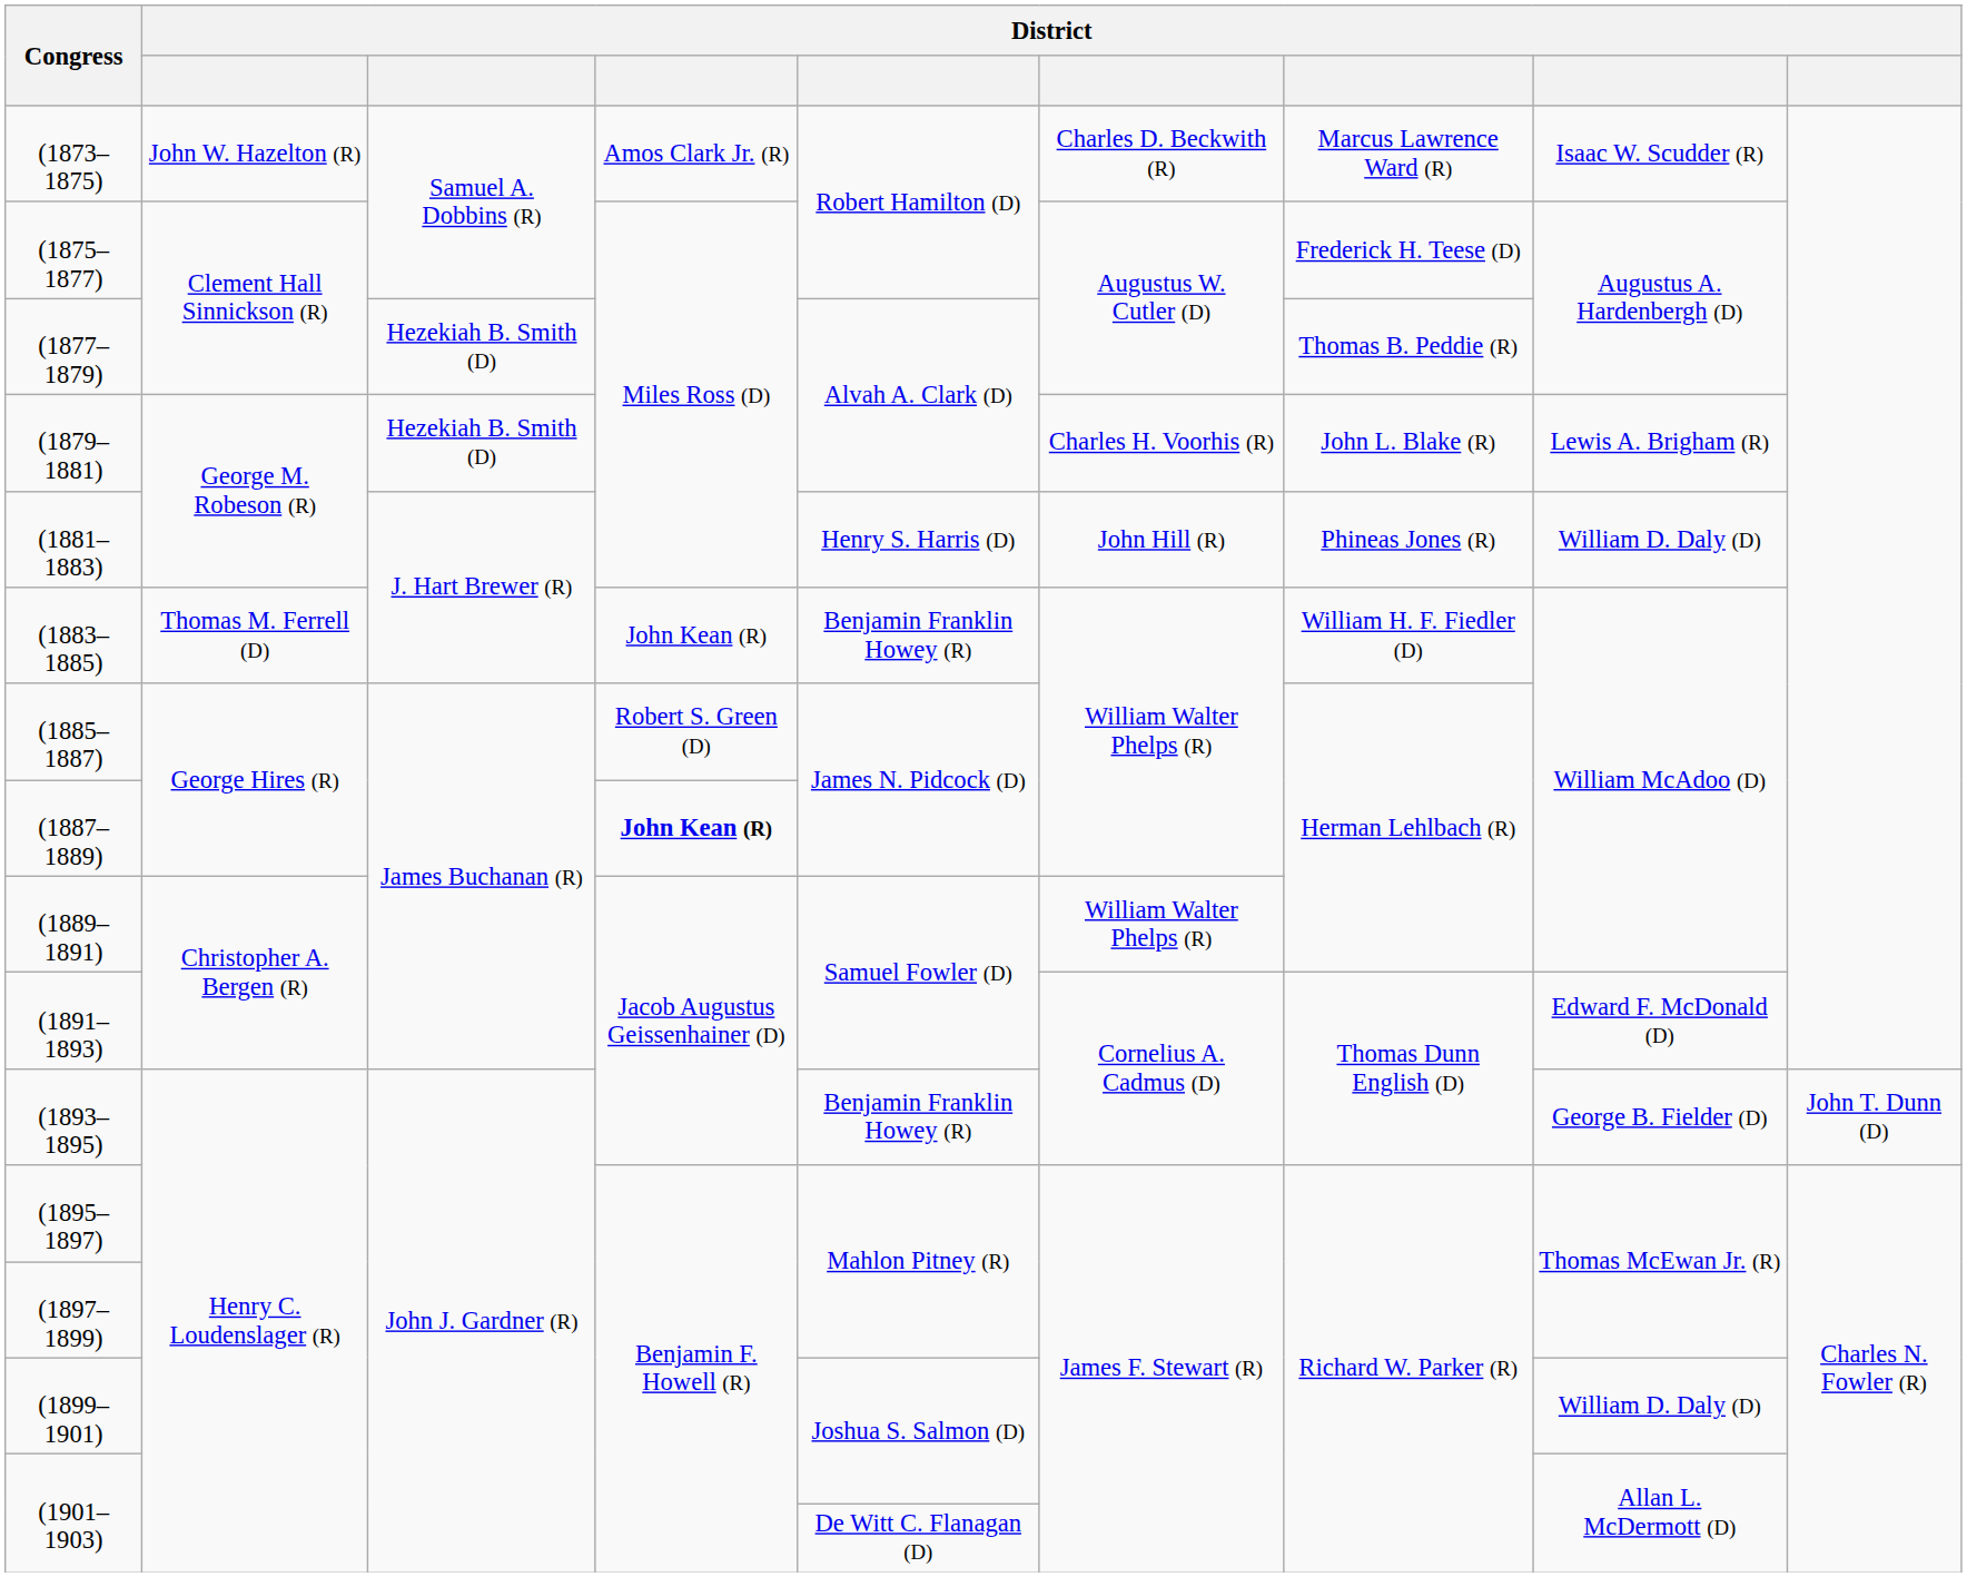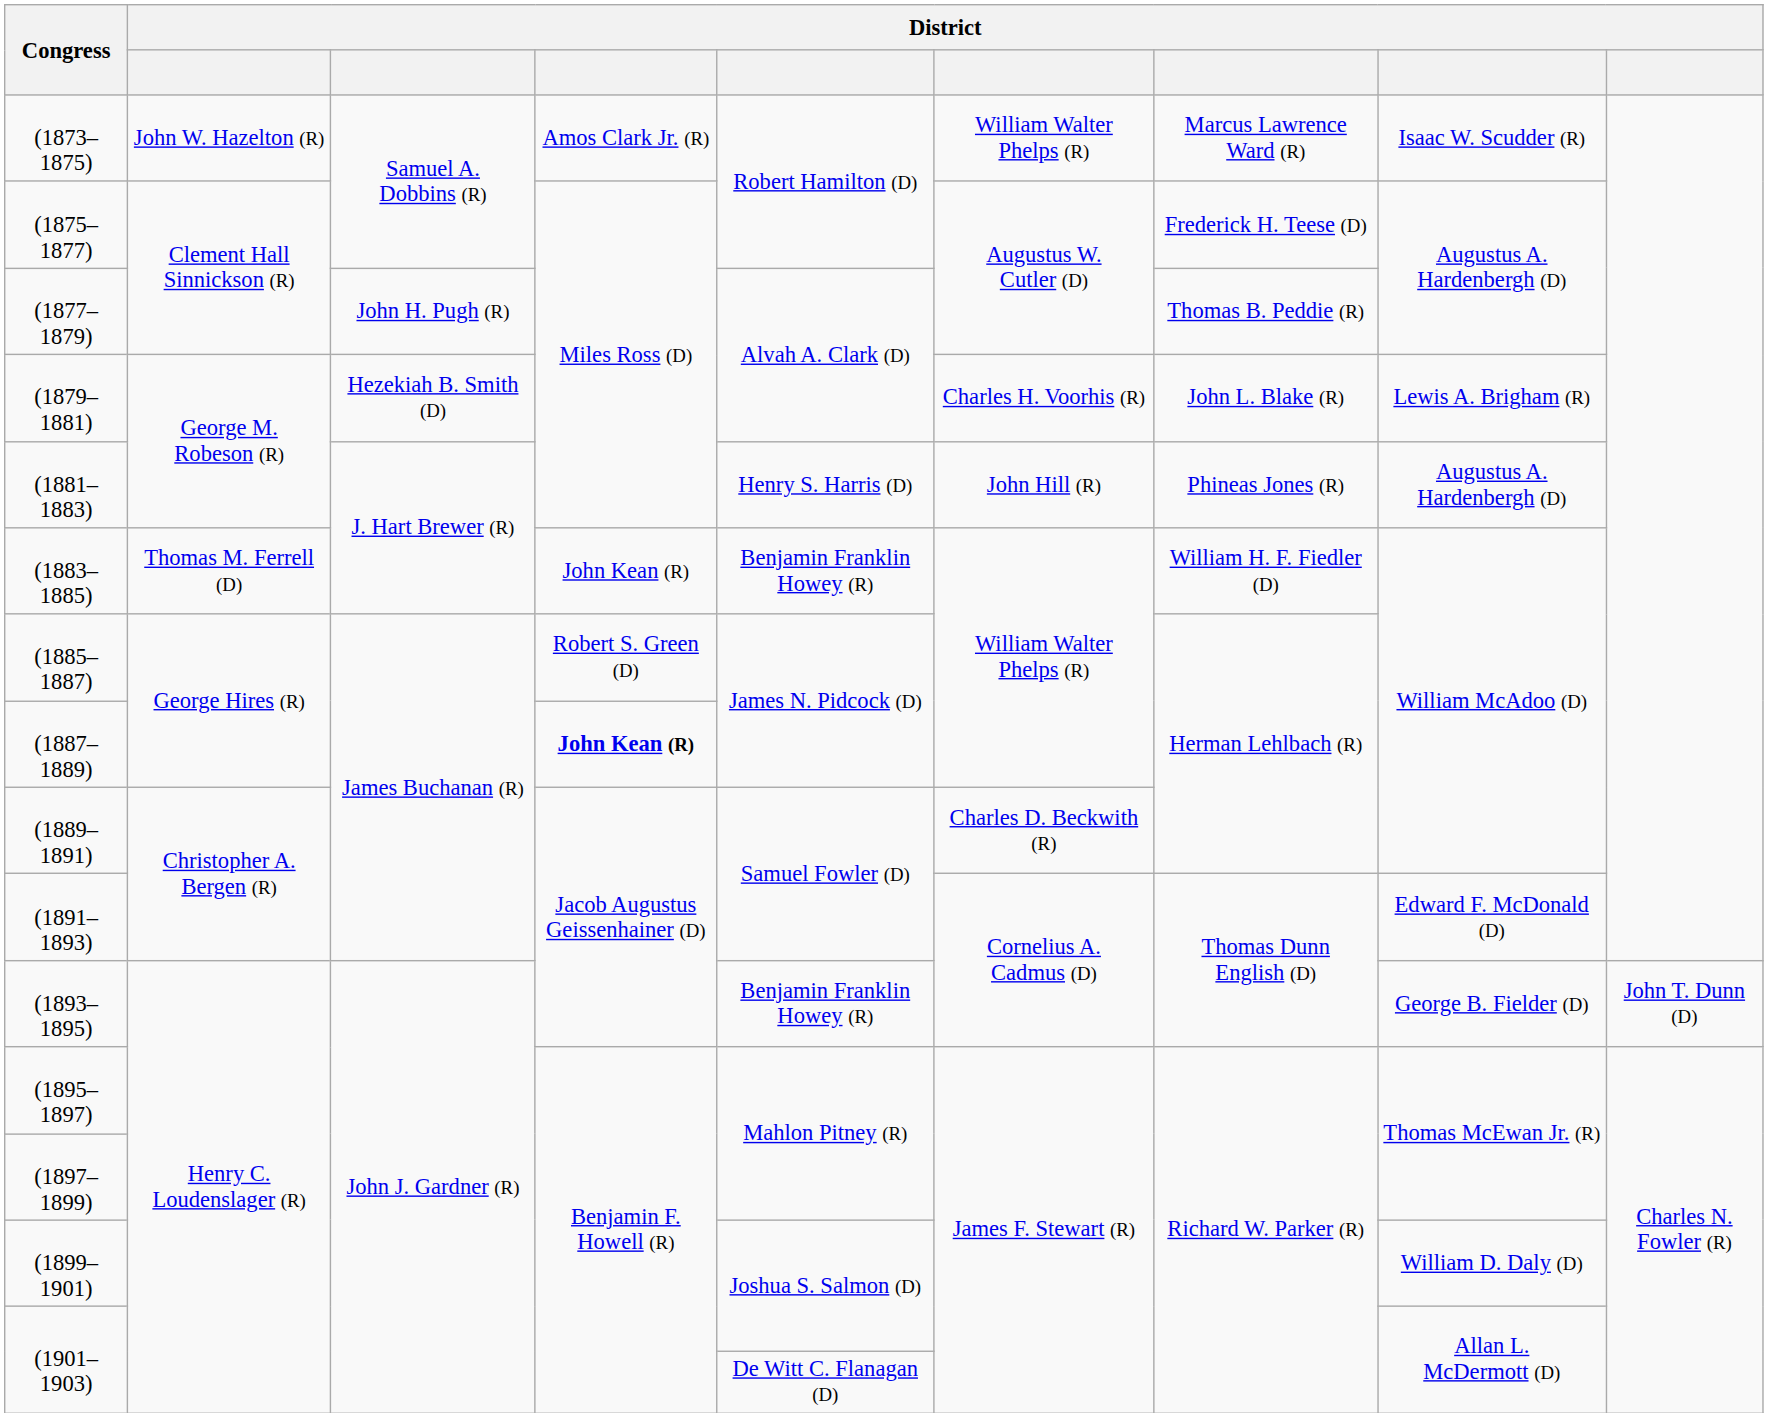 <table class=wikitable style="text-align:center">
 <tr style="height:2em">
 <th rowspan=2>Cong­ress</th>
 <th colspan=8>District</th>
 </tr>
 <tr style="height:2em">
 <th></th>
 <th></th>
 <th></th>
 <th></th>
 <th></th>
 <th></th>
 <th></th>
 <th></th>
 </tr>
 <tr style="height:2em">
 <td><strong></strong><br>(1873–1875)</td>
 <td><a href='#'>John W. Hazelton</a> <small>(R)</small></td>
 <td rowspan=2 ><a href='#'>Samuel A.<br>Dobbins</a> <small>(R)</small></td>
 <td><a href='#'>Amos Clark Jr.</a> <small>(R)</small></td>
 <td rowspan=2 ><a href='#'>Robert Hamilton</a> <small>(D)</small></td>
-<td><a href='#'>Charles D. Beckwith</a> <small>(R)</small></td>
+<td><a href='#'>William Walter<br>Phelps</a> <small>(R)</small></td>
 <td><a href='#'>Marcus Lawrence<br>Ward</a> <small>(R)</small></td>
 <td><a href='#'>Isaac W. Scudder</a> <small>(R)</small></td>
 </tr>
 <tr style="height:2em">
 <td><strong></strong><br>(1875–1877)</td>
 <td rowspan=2 ><a href='#'>Clement Hall<br>Sinnick­son</a> <small>(R)</small></td>
 <td rowspan=4 ><a href='#'>Miles Ross</a> <small>(D)</small></td>
 <td rowspan=2 ><a href='#'>Augustus W.<br>Cutler</a> <small>(D)</small></td>
 <td><a href='#'>Frederick H. Teese</a> <small>(D)</small></td>
 <td rowspan=2 ><a href='#'>Augustus A.<br>Hardenbergh</a> <small>(D)</small></td>
 </tr>
 <tr style="height:2em">
 <td><strong></strong><br>(1877–1879)</td>
-<td><a href='#'>Hezekiah B. Smith</a> <small>(D)</small></td>
+<td><a href='#'>John H. Pugh</a> <small>(R)</small></td>
 <td rowspan=2 ><a href='#'>Alvah A. Clark</a> <small>(D)</small></td>
 <td><a href='#'>Thomas B. Peddie</a> <small>(R)</small></td>
 </tr>
 <tr style="height:2em">
 <td><strong></strong><br>(1879–1881)</td>
 <td rowspan=2 ><a href='#'>George M.<br>Robeson</a> <small>(R)</small></td>
 <td><a href='#'>Hezekiah B. Smith</a> <small>(D)</small></td>
 <td><a href='#'>Charles H. Voorhis</a> <small>(R)</small></td>
 <td><a href='#'>John L. Blake</a> <small>(R)</small></td>
 <td><a href='#'>Lewis A. Brigham</a> <small>(R)</small></td>
 </tr>
 <tr style="height:2em">
 <td><strong></strong><br>(1881–1883)</td>
 <td rowspan=2 ><a href='#'>J. Hart Brewer</a> <small>(R)</small></td>
 <td><a href='#'>Henry S. Harris</a> <small>(D)</small></td>
 <td><a href='#'>John Hill</a> <small>(R)</small></td>
 <td><a href='#'>Phineas Jones</a> <small>(R)</small></td>
-<td><a href='#'>William D. Daly</a> <small>(D)</small></td>
+<td><a href='#'>Augustus A.<br>Hardenbergh</a> <small>(D)</small></td>
 </tr>
 <tr style="height:2em">
 <td><strong></strong><br>(1883–1885)</td>
 <td><a href='#'>Thomas M. Ferrell</a> <small>(D)</small></td>
 <td><a href='#'>John Kean</a> <small>(R)</small></td>
 <td><a href='#'>Benjamin Franklin<br>Howey</a> <small>(R)</small></td>
 <td rowspan=3 ><a href='#'>William Walter<br>Phelps</a> <small>(R)</small></td>
 <td><a href='#'>William H. F. Fiedler</a> <small>(D)</small></td>
 <td rowspan=4 ><a href='#'>William McAdoo</a> <small>(D)</small></td>
 </tr>
 <tr style="height:2em">
 <td><strong></strong><br>(1885–1887)</td>
 <td rowspan=2 ><a href='#'>George Hires</a> <small>(R)</small></td>
 <td rowspan=4 ><a href='#'>James Buchanan</a> <small>(R)</small></td>
 <td><a href='#'>Robert S. Green</a> <small>(D)</small></td>
 <td rowspan=2 ><a href='#'>James N. Pidcock</a> <small>(D)</small></td>
 <td rowspan=3 ><a href='#'>Herman Lehlbach</a> <small>(R)</small></td>
 </tr>
 <tr style="height:2em">
 <td><strong></strong><br>(1887–1889)</td>
 <td><strong><a href='#'>John Kean</a> <small>(R)</small></strong></td>
 </tr>
 <tr style="height:2em">
 <td><strong></strong><br>(1889–1891)</td>
 <td rowspan=2 ><a href='#'>Christo­pher A.<br>Bergen</a> <small>(R)</small></td>
 <td rowspan=3 ><a href='#'>Jacob Augustus<br>Geissen­hainer</a> <small>(D)</small></td>
 <td rowspan=2 ><a href='#'>Samuel Fowler</a> <small>(D)</small></td>
-<td><a href='#'>William Walter<br>Phelps</a> <small>(R)</small></td>
+<td><a href='#'>Charles D. Beckwith</a> <small>(R)</small></td>
 </tr>
 <tr style="height:2em">
 <td><strong></strong><br>(1891–1893)</td>
 <td rowspan=2 ><a href='#'>Cornelius A.<br>Cadmus</a> <small>(D)</small></td>
 <td rowspan=2 ><a href='#'>Thomas Dunn<br>English</a> <small>(D)</small></td>
 <td><a href='#'>Edward F. McDonald</a> <small>(D)</small></td>
 </tr>
 <tr style="height:2em">
 <td><strong></strong><br>(1893–1895)</td>
 <td rowspan="6" ><a href='#'>Henry C.<br>Loudens­lager</a> <small>(R)</small></td>
 <td rowspan="6" ><a href='#'>John J. Gardner</a> <small>(R)</small></td>
 <td><a href='#'>Benjamin Franklin<br>Howey</a> <small>(R)</small></td>
 <td><a href='#'>George B. Fielder</a> <small>(D)</small></td>
 <td><a href='#'>John T. Dunn</a> <small>(D)</small></td>
 </tr>
 <tr style="height:2em">
 <td><strong></strong><br>(1895–1897)</td>
 <td rowspan="5" ><a href='#'>Benjamin F.<br>Howell</a> <small>(R)</small></td>
 <td rowspan=2 ><a href='#'>Mahlon Pitney</a> <small>(R)</small></td>
 <td rowspan=5 ><a href='#'>James F. Stewart</a> <small>(R)</small></td>
 <td rowspan=5 ><a href='#'>Richard W. Parker</a> <small>(R)</small></td>
 <td rowspan=2 ><a href='#'>Thomas McEwan Jr.</a> <small>(R)</small></td>
 <td rowspan=5 ><a href='#'>Charles N.<br>Fowler</a> <small>(R)</small></td>
 </tr>
 <tr style="height:2em">
 <td><strong></strong><br>(1897–1899)</td>
 </tr>
 <tr style="height:2em">
 <td><strong></strong><br>(1899–1901)</td>
 <td rowspan=2 ><a href='#'>Joshua S. Salmon</a> <small>(D)</small></td>
 <td><a href='#'>William D. Daly</a> <small>(D)</small></td>
 </tr>
 <tr style="height:2em">
 <td rowspan=2><strong></strong><br>(1901–1903)</td>
 <td rowspan=2 ><a href='#'>Allan L.<br>McDer­mott</a> <small>(D)</small></td>
 </tr>
 <tr style="height:2em">
 <td><a href='#'>De Witt C. Flanagan</a> <small>(D)</small></td>
 </tr>
 </table>
